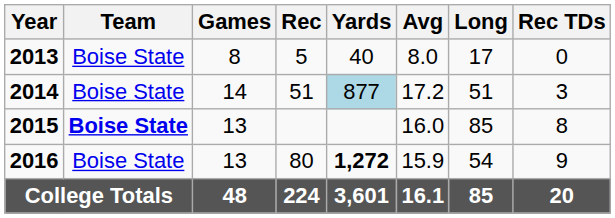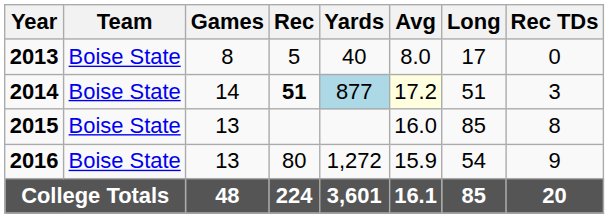 <table class="wikitable" style="text-align:center;">
 <tr>
 <th>Year</th>
 <th>Team</th>
 <th>Games</th>
 <th>Rec</th>
 <th>Yards</th>
 <th>Avg</th>
 <th>Long</th>
 <th>Rec TDs</th>
 </tr>
 <tr>
 <td><strong>2013</strong></td>
 <td><a href='#'>Boise State</a></td>
 <td>8</td>
 <td>5</td>
 <td>40</td>
 <td>8.0</td>
 <td>17</td>
 <td>0</td>
 </tr>
 <tr>
 <td><strong>2014</strong></td>
 <td><a href='#'>Boise State</a></td>
 <td>14</td>
-<td>51</td>
+<td><strong>51</strong></td>
 <td style="background: lightblue;">877</td>
-<td>17.2</td>
+<td style="background: lightyellow;">17.2</td>
 <td>51</td>
 <td>3</td>
 </tr>
 <tr>
 <td><strong>2015</strong></td>
-<td><strong><a href='#'>Boise State</a></strong></td>
+<td><a href='#'>Boise State</a></td>
 <td>13</td>
 <td></td>
 <td></td>
 <td>16.0</td>
 <td>85</td>
 <td>8</td>
 </tr>
 <tr>
 <td><strong>2016</strong></td>
 <td><a href='#'>Boise State</a></td>
 <td>13</td>
 <td>80</td>
-<td><strong>1,272</strong></td>
+<td>1,272</td>
 <td>15.9</td>
 <td>54</td>
 <td>9</td>
 </tr>
 <tr style="background:#555; font-weight:bold; color:white;">
 <td colspan=2>College Totals</td>
 <td>48</td>
 <td>224</td>
 <td>3,601</td>
 <td>16.1</td>
 <td>85</td>
 <td>20</td>
 </tr>
 </table>
